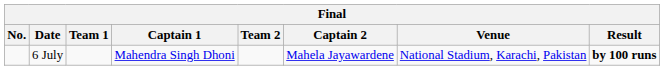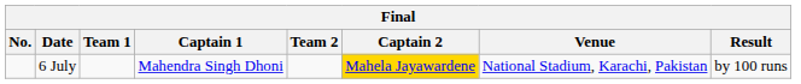 <table class="wikitable">
 <tr>
 <th colspan="8">Final</th>
 </tr>
 <tr>
 <th>No.</th>
 <th>Date</th>
 <th>Team 1</th>
 <th>Captain 1</th>
 <th>Team 2</th>
 <th>Captain 2</th>
 <th>Venue</th>
 <th>Result</th>
 </tr>
 <tr>
 <td></td>
 <td>6 July</td>
 <td></td>
 <td><a href='#'>Mahendra Singh Dhoni</a></td>
 <td></td>
-<td><a href='#'>Mahela Jayawardene</a></td>
+<td style="background: gold;"><a href='#'>Mahela Jayawardene</a></td>
 <td><a href='#'>National Stadium</a>, <a href='#'>Karachi</a>, <a href='#'>Pakistan</a></td>
-<td><strong> by 100 runs</strong></td>
+<td> by 100 runs</td>
 </tr>
 </table>
